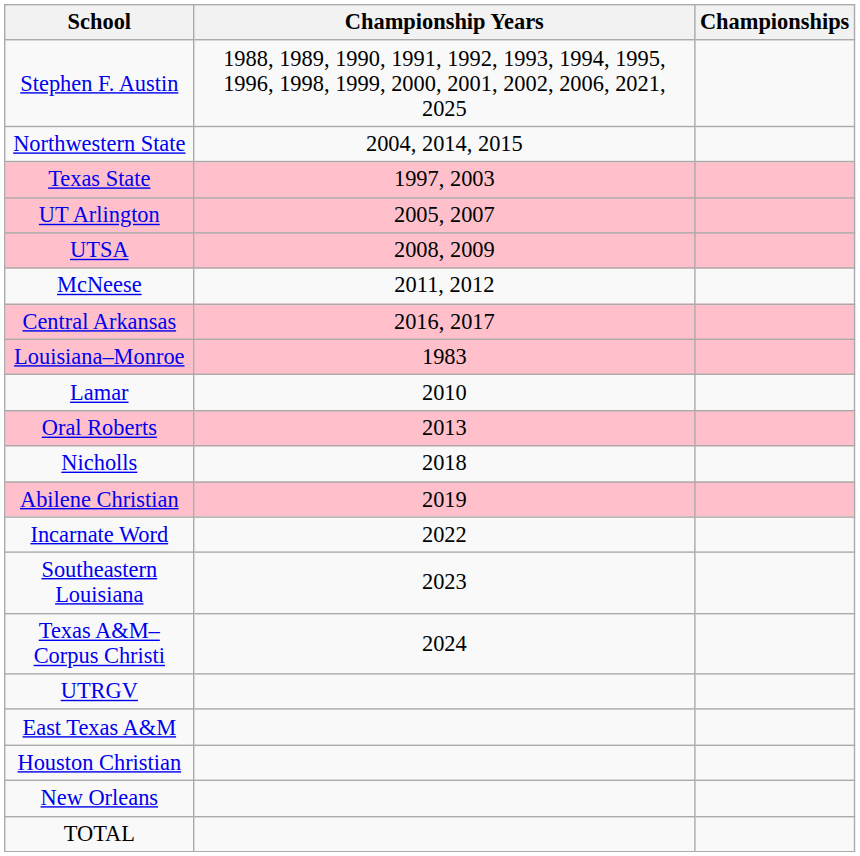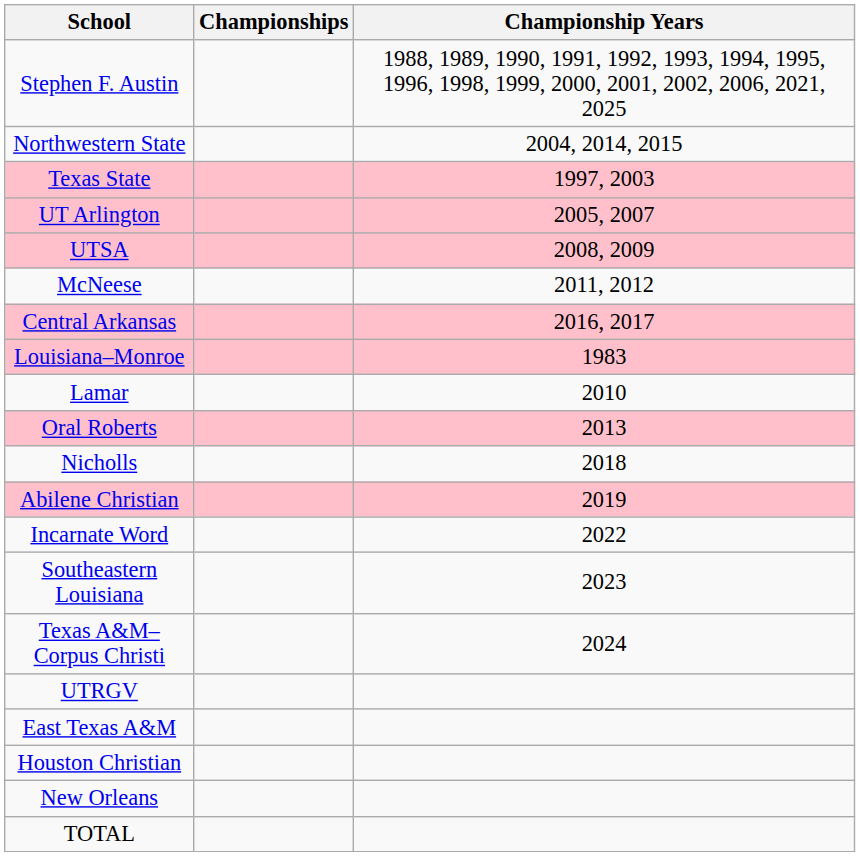 <table class="wikitable sortable" style="text-align:center">
 <tr>
 <th width=px>School</th>
+<th width=px>Championships</th>
 <th width=px>Championship Years</th>
-<th width=px>Championships</th>
 </tr>
 <tr>
 <td><a href='#'>Stephen F. Austin</a></td>
+<td></td>
 <td>1988, 1989, 1990, 1991, 1992, 1993, 1994, 1995, 1996, 1998, 1999, 2000, 2001, 2002, 2006, 2021, 2025</td>
-<td></td>
 </tr>
 <tr>
 <td><a href='#'>Northwestern State</a></td>
+<td></td>
 <td>2004, 2014, 2015</td>
-<td></td>
 </tr>
 <tr bgcolor=pink>
 <td><a href='#'>Texas State</a></td>
+<td></td>
 <td>1997, 2003</td>
-<td></td>
 </tr>
 <tr bgcolor=pink>
 <td><a href='#'>UT Arlington</a></td>
+<td></td>
 <td>2005, 2007</td>
-<td></td>
 </tr>
 <tr bgcolor=pink>
 <td><a href='#'>UTSA</a></td>
+<td></td>
 <td>2008, 2009</td>
-<td></td>
 </tr>
 <tr>
 <td><a href='#'>McNeese</a></td>
+<td></td>
 <td>2011, 2012</td>
-<td></td>
 </tr>
 <tr bgcolor=pink>
 <td><a href='#'>Central Arkansas</a></td>
+<td></td>
 <td>2016, 2017</td>
-<td></td>
 </tr>
 <tr bgcolor=pink>
 <td><a href='#'>Louisiana–Monroe</a></td>
+<td></td>
 <td>1983</td>
-<td></td>
 </tr>
 <tr>
 <td><a href='#'>Lamar</a></td>
+<td></td>
 <td>2010</td>
-<td></td>
 </tr>
 <tr bgcolor=pink>
 <td><a href='#'>Oral Roberts</a></td>
+<td></td>
 <td>2013</td>
-<td></td>
 </tr>
 <tr>
 <td><a href='#'>Nicholls</a></td>
+<td></td>
 <td>2018</td>
-<td></td>
 </tr>
 <tr bgcolor=pink>
 <td><a href='#'>Abilene Christian</a></td>
+<td></td>
 <td>2019</td>
-<td></td>
 </tr>
 <tr>
 <td><a href='#'>Incarnate Word</a></td>
+<td></td>
 <td>2022</td>
-<td></td>
 </tr>
 <tr>
 <td><a href='#'>Southeastern Louisiana</a></td>
+<td></td>
 <td>2023</td>
-<td></td>
 </tr>
 <tr>
 <td><a href='#'>Texas A&M–Corpus Christi</a></td>
+<td></td>
 <td>2024</td>
-<td></td>
 </tr>
 <tr>
 <td><a href='#'>UTRGV</a></td>
 <td></td>
 <td></td>
 </tr>
 <tr>
 <td><a href='#'>East Texas A&M</a></td>
 <td></td>
 <td></td>
 </tr>
 <tr>
 <td><a href='#'>Houston Christian</a></td>
 <td></td>
 <td></td>
 </tr>
 <tr>
 <td><a href='#'>New Orleans</a></td>
 <td></td>
 <td></td>
 </tr>
 <tr>
 <td>TOTAL</td>
 <td></td>
 <td></td>
 </tr>
 </table>
